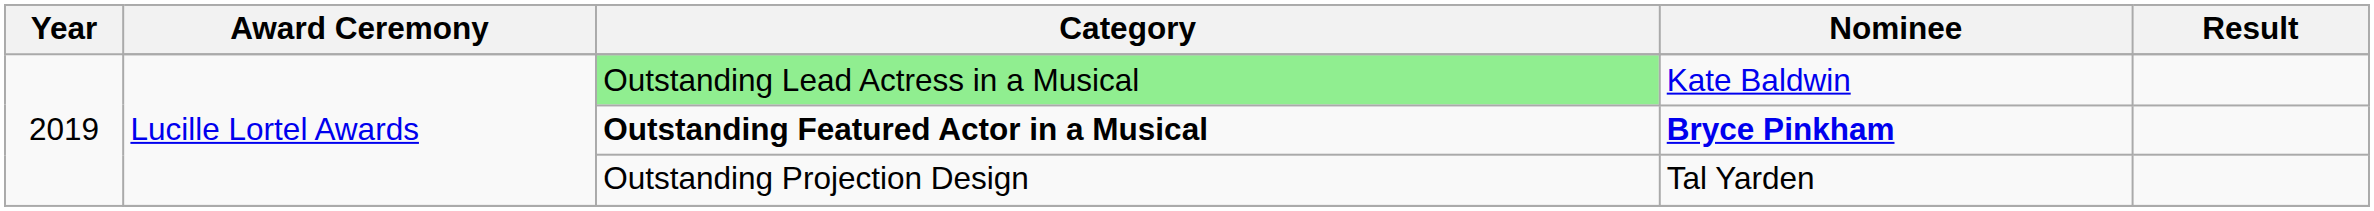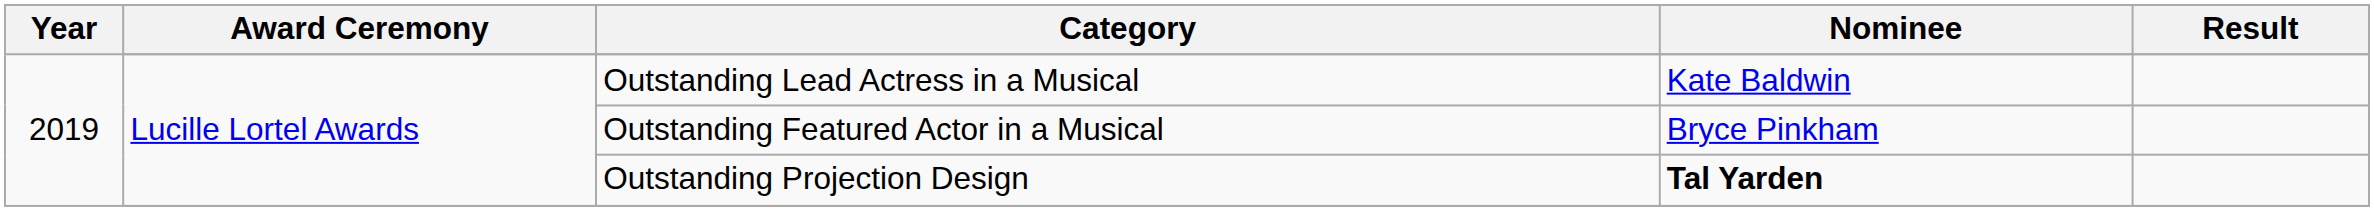 <table class="wikitable" width="95%">
 <tr>
 <th width="5%">Year</th>
 <th width="20%">Award Ceremony</th>
 <th width="45%">Category</th>
 <th width="20%">Nominee</th>
 <th width="10%">Result</th>
 </tr>
 <tr>
 <td rowspan="5" align="center">2019</td>
 </tr>
 <tr>
 <td rowspan="3"><a href='#'>Lucille Lortel Awards</a></td>
-<td style="background: lightgreen;">Outstanding Lead Actress in a Musical</td>
+<td>Outstanding Lead Actress in a Musical</td>
 <td><a href='#'>Kate Baldwin</a></td>
 <td></td>
 </tr>
 <tr>
-<td><strong>Outstanding Featured Actor in a Musical</strong></td>
-<td><strong><a href='#'>Bryce Pinkham</a></strong></td>
+<td>Outstanding Featured Actor in a Musical</td>
+<td><a href='#'>Bryce Pinkham</a></td>
 <td></td>
 </tr>
 <tr>
 <td>Outstanding Projection Design</td>
-<td>Tal Yarden</td>
+<td><strong>Tal Yarden</strong></td>
 <td></td>
 </tr>
 <tr>
 </tr>
 </table>
